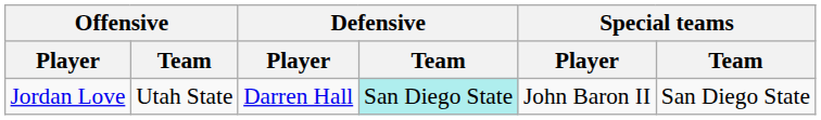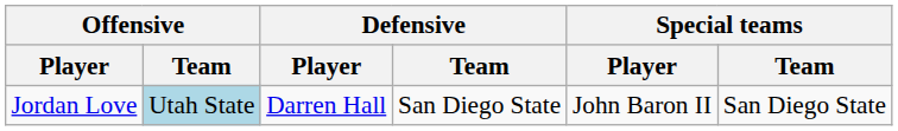 <table class="wikitable">
 <tr>
 <th colspan="2">Offensive</th>
 <th colspan="2">Defensive</th>
 <th colspan="2">Special teams</th>
 </tr>
 <tr>
 <th>Player</th>
 <th>Team</th>
 <th>Player</th>
 <th>Team</th>
 <th>Player</th>
 <th>Team</th>
 </tr>
 <tr>
 <td><a href='#'>Jordan Love</a></td>
-<td>Utah State</td>
+<td style="background: lightblue;">Utah State</td>
 <td><a href='#'>Darren Hall</a></td>
-<td style="background: paleturquoise;">San Diego State</td>
+<td>San Diego State</td>
 <td>John Baron II</td>
 <td>San Diego State</td>
 </tr>
 </table>
